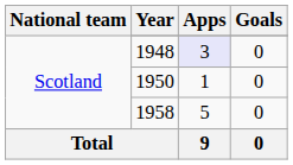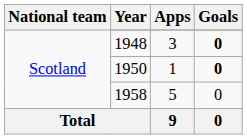 <table class=wikitable style="text-align:center">
 <tr>
 <th>National team</th>
 <th>Year</th>
 <th>Apps</th>
 <th>Goals</th>
 </tr>
 <tr>
 <td rowspan=4><a href='#'>Scotland</a></td>
 </tr>
 <tr>
 <td>1948</td>
-<td style="background: lavender;">3</td>
-<td>0</td>
+<td>3</td>
+<td><strong>0</strong></td>
 </tr>
 <tr>
 <td>1950</td>
 <td>1</td>
-<td>0</td>
+<td><strong>0</strong></td>
 </tr>
 <tr>
 <td>1958</td>
 <td>5</td>
 <td>0</td>
 </tr>
 <tr>
 <th colspan="2">Total</th>
 <th>9</th>
 <th>0</th>
 </tr>
 </table>
